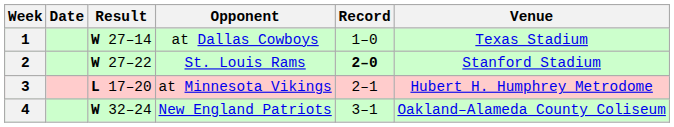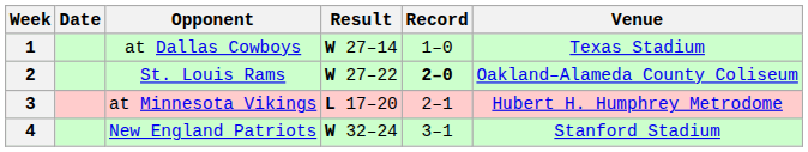 <table class="wikitable" style="text-align:center">
 <tr>
 <th>Week</th>
 <th>Date</th>
+<th>Opponent</th>
 <th>Result</th>
-<th>Opponent</th>
 <th>Record</th>
 <th>Venue</th>
 </tr>
 <tr style="background:#cfc">
 <th>1</th>
 <td></td>
+<td>at <a href='#'>Dallas Cowboys</a></td>
 <td><strong>W</strong> 27–14</td>
-<td>at <a href='#'>Dallas Cowboys</a></td>
 <td>1–0</td>
 <td><a href='#'>Texas Stadium</a></td>
 </tr>
 <tr style="background:#cfc">
 <th>2</th>
 <td></td>
+<td><a href='#'>St. Louis Rams</a></td>
 <td><strong>W</strong> 27–22</td>
-<td><a href='#'>St. Louis Rams</a></td>
 <td><strong>2–0</strong></td>
-<td><a href='#'>Stanford Stadium</a></td>
+<td><a href='#'>Oakland–Alameda County Coliseum</a></td>
 </tr>
 <tr style="background:#fcc">
 <th>3</th>
 <td></td>
+<td>at <a href='#'>Minnesota Vikings</a></td>
 <td><strong>L</strong> 17–20</td>
-<td>at <a href='#'>Minnesota Vikings</a></td>
 <td>2–1</td>
 <td><a href='#'>Hubert H. Humphrey Metrodome</a></td>
 </tr>
 <tr style="background:#cfc">
 <th>4</th>
 <td></td>
+<td><a href='#'>New England Patriots</a></td>
 <td><strong>W</strong> 32–24</td>
-<td><a href='#'>New England Patriots</a></td>
 <td>3–1</td>
-<td><a href='#'>Oakland–Alameda County Coliseum</a></td>
+<td><a href='#'>Stanford Stadium</a></td>
 </tr>
 </table>
